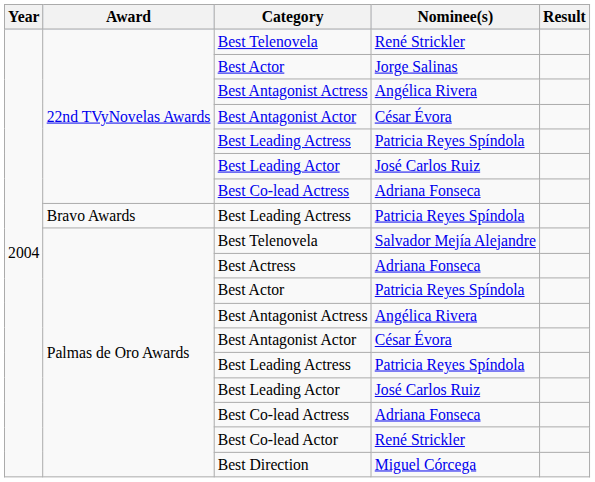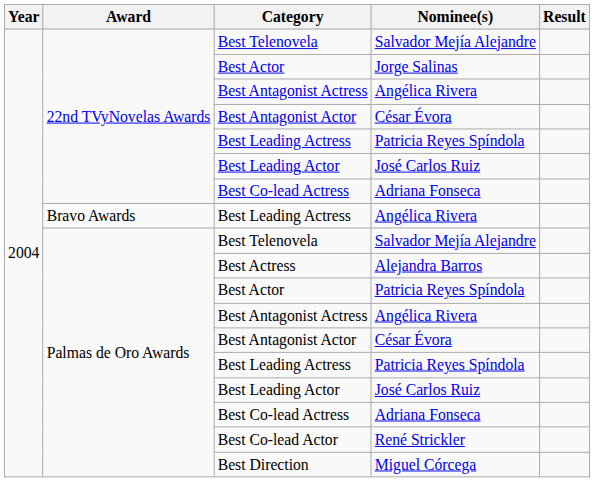 <table class="wikitable">
 <tr style="background:#b0c4de;">
 <th>Year</th>
 <th>Award</th>
 <th>Category</th>
 <th>Nominee(s)</th>
 <th>Result</th>
 </tr>
 <tr>
 <td rowspan=18>2004</td>
 <td rowspan=7><a href='#'>22nd TVyNovelas Awards</a></td>
 <td><a href='#'>Best Telenovela</a></td>
-<td><a href='#'>René Strickler</a></td>
+<td><a href='#'>Salvador Mejía Alejandre</a></td>
 <td></td>
 </tr>
 <tr>
 <td><a href='#'>Best Actor</a></td>
 <td><a href='#'>Jorge Salinas</a></td>
 <td></td>
 </tr>
 <tr>
 <td><a href='#'>Best Antagonist Actress</a></td>
 <td><a href='#'>Angélica Rivera</a></td>
 <td></td>
 </tr>
 <tr>
 <td><a href='#'>Best Antagonist Actor</a></td>
 <td><a href='#'>César Évora</a></td>
 <td></td>
 </tr>
 <tr>
 <td><a href='#'>Best Leading Actress</a></td>
 <td><a href='#'>Patricia Reyes Spíndola</a></td>
 <td></td>
 </tr>
 <tr>
 <td><a href='#'>Best Leading Actor</a></td>
 <td><a href='#'>José Carlos Ruiz</a></td>
 <td></td>
 </tr>
 <tr>
 <td><a href='#'>Best Co-lead Actress</a></td>
 <td><a href='#'>Adriana Fonseca</a></td>
 <td></td>
 </tr>
 <tr>
 <td>Bravo Awards</td>
 <td>Best Leading Actress</td>
-<td><a href='#'>Patricia Reyes Spíndola</a></td>
+<td><a href='#'>Angélica Rivera</a></td>
 <td></td>
 </tr>
 <tr>
 <td rowspan=10>Palmas de Oro Awards</td>
 <td>Best Telenovela</td>
 <td><a href='#'>Salvador Mejía Alejandre</a></td>
 <td></td>
 </tr>
 <tr>
 <td>Best Actress</td>
-<td><a href='#'>Adriana Fonseca</a></td>
+<td><a href='#'>Alejandra Barros</a></td>
 <td></td>
 </tr>
 <tr>
 <td>Best Actor</td>
 <td><a href='#'>Patricia Reyes Spíndola</a></td>
 <td></td>
 </tr>
 <tr>
 <td>Best Antagonist Actress</td>
 <td><a href='#'>Angélica Rivera</a></td>
 <td></td>
 </tr>
 <tr>
 <td>Best Antagonist Actor</td>
 <td><a href='#'>César Évora</a></td>
 <td></td>
 </tr>
 <tr>
 <td>Best Leading Actress</td>
 <td><a href='#'>Patricia Reyes Spíndola</a></td>
 <td></td>
 </tr>
 <tr>
 <td>Best Leading Actor</td>
 <td><a href='#'>José Carlos Ruiz</a></td>
 <td></td>
 </tr>
 <tr>
 <td>Best Co-lead Actress</td>
 <td><a href='#'>Adriana Fonseca</a></td>
 <td></td>
 </tr>
 <tr>
 <td>Best Co-lead Actor</td>
 <td><a href='#'>René Strickler</a></td>
 <td></td>
 </tr>
 <tr>
 <td>Best Direction</td>
 <td><a href='#'>Miguel Córcega</a></td>
 <td></td>
 </tr>
 </table>
